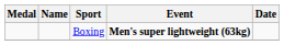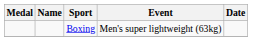 <table class="wikitable sortable" style="font-size:95%">
 <tr>
 <th>Medal</th>
 <th>Name</th>
 <th>Sport</th>
 <th>Event</th>
 <th>Date</th>
 </tr>
 <tr>
 <td></td>
 <td></td>
 <td><a href='#'>Boxing</a></td>
-<td><strong>Men's super lightweight (63kg)</strong></td>
+<td>Men's super lightweight (63kg)</td>
 <td></td>
 </tr>
 <tr>
 </tr>
 </table>
